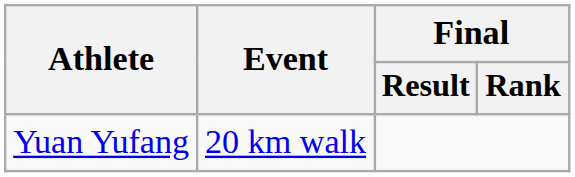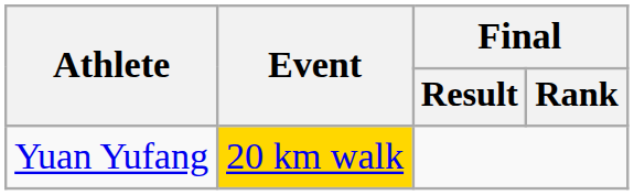 <table class="wikitable" style="font-size:90%">
 <tr>
 <th rowspan="2">Athlete</th>
 <th rowspan="2">Event</th>
 <th colspan="2">Final</th>
 </tr>
 <tr style="font-size:95%">
 <th>Result</th>
 <th>Rank</th>
 </tr>
 <tr align=center>
 <td align=left><a href='#'>Yuan Yufang</a></td>
-<td align=left><a href='#'>20 km walk</a></td>
+<td align=left style="background: gold;"><a href='#'>20 km walk</a></td>
 <td colspan=2></td>
 </tr>
 </table>
